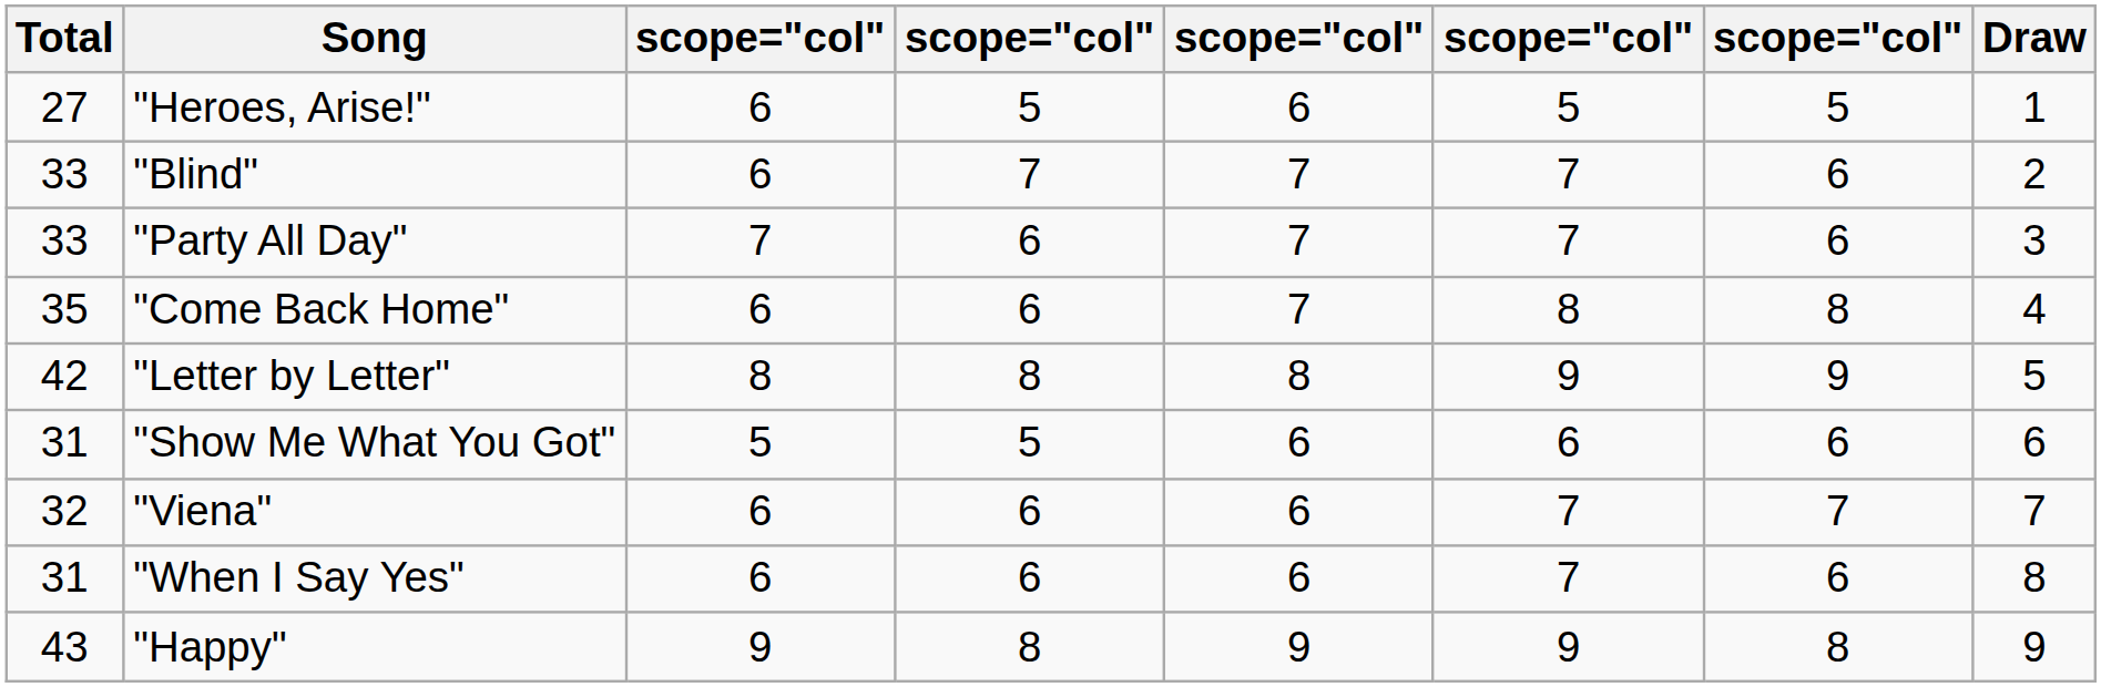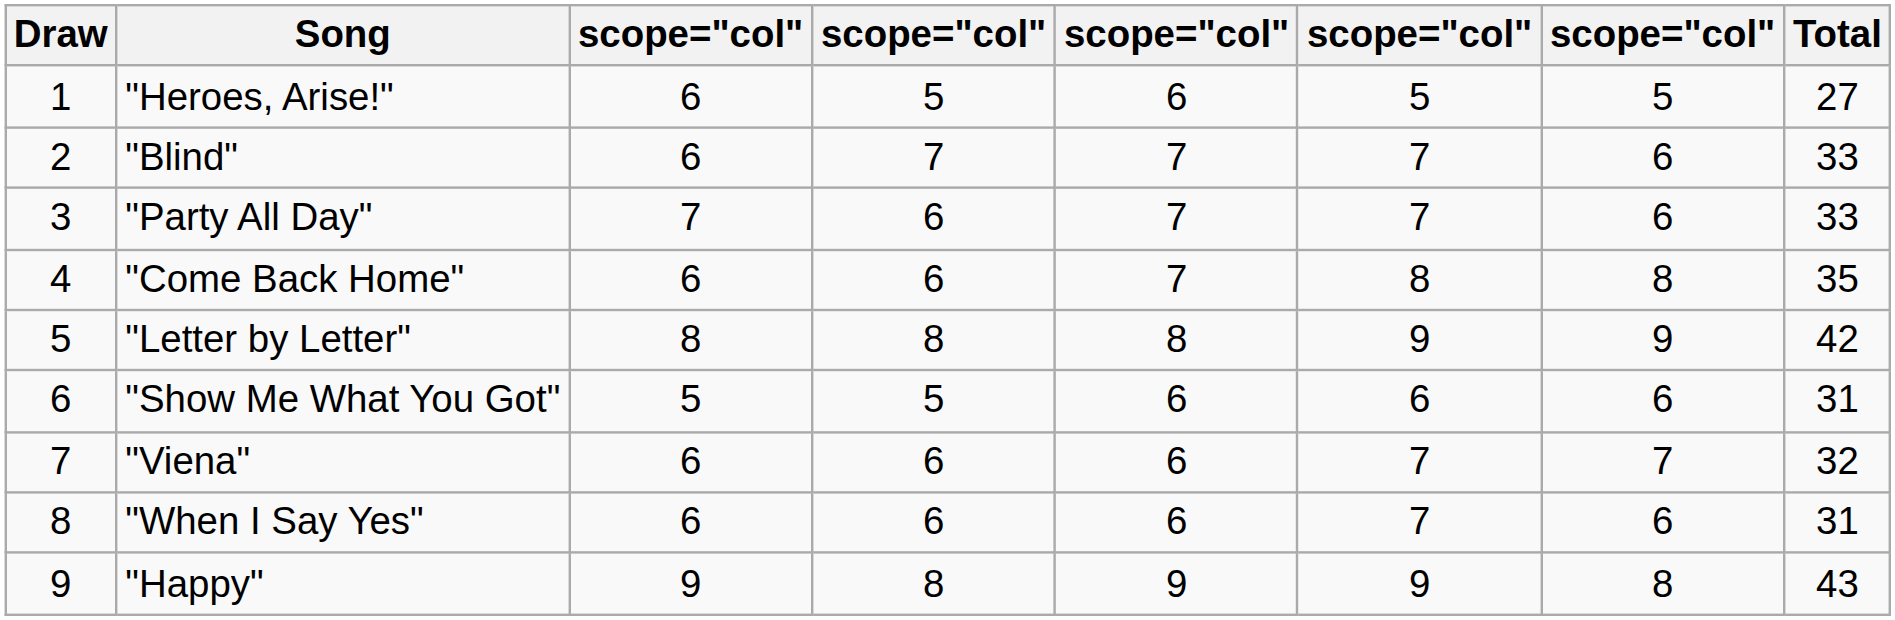 <table class="wikitable collapsible" style="margin: 1em auto 1em auto; text-align:center;">
 <tr>
-<th>Total</th>
+<th>Draw</th>
 <th>Song</th>
 <th>scope="col" </th>
 <th>scope="col" </th>
 <th>scope="col" </th>
 <th>scope="col" </th>
 <th>scope="col" </th>
-<th>Draw</th>
+<th>Total</th>
 </tr>
 <tr>
-<td>27</td>
+<td>1</td>
 <td align="left">"Heroes, Arise!"</td>
 <td>6</td>
 <td>5</td>
 <td>6</td>
 <td>5</td>
 <td>5</td>
-<td>1</td>
+<td>27</td>
 </tr>
 <tr>
-<td>33</td>
+<td>2</td>
 <td align="left">"Blind"</td>
 <td>6</td>
 <td>7</td>
 <td>7</td>
 <td>7</td>
 <td>6</td>
-<td>2</td>
+<td>33</td>
 </tr>
 <tr>
-<td>33</td>
+<td>3</td>
 <td align="left">"Party All Day"</td>
 <td>7</td>
 <td>6</td>
 <td>7</td>
 <td>7</td>
 <td>6</td>
-<td>3</td>
+<td>33</td>
 </tr>
 <tr>
-<td>35</td>
+<td>4</td>
 <td align="left">"Come Back Home"</td>
 <td>6</td>
 <td>6</td>
 <td>7</td>
 <td>8</td>
 <td>8</td>
-<td>4</td>
+<td>35</td>
 </tr>
 <tr>
-<td>42</td>
+<td>5</td>
 <td align="left">"Letter by Letter"</td>
 <td>8</td>
 <td>8</td>
 <td>8</td>
 <td>9</td>
 <td>9</td>
-<td>5</td>
+<td>42</td>
 </tr>
 <tr>
-<td>31</td>
+<td>6</td>
 <td align="left">"Show Me What You Got"</td>
 <td>5</td>
 <td>5</td>
 <td>6</td>
 <td>6</td>
 <td>6</td>
-<td>6</td>
+<td>31</td>
 </tr>
 <tr>
-<td>32</td>
+<td>7</td>
 <td align="left">"Viena"</td>
 <td>6</td>
 <td>6</td>
 <td>6</td>
 <td>7</td>
 <td>7</td>
-<td>7</td>
+<td>32</td>
 </tr>
 <tr>
-<td>31</td>
+<td>8</td>
 <td align="left">"When I Say Yes"</td>
 <td>6</td>
 <td>6</td>
 <td>6</td>
 <td>7</td>
 <td>6</td>
-<td>8</td>
+<td>31</td>
 </tr>
 <tr>
-<td>43</td>
+<td>9</td>
 <td align="left">"Happy"</td>
 <td>9</td>
 <td>8</td>
 <td>9</td>
 <td>9</td>
 <td>8</td>
-<td>9</td>
+<td>43</td>
 </tr>
 </table>
